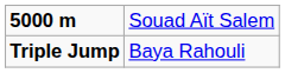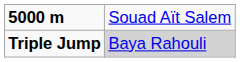 <table class="wikitable">
 <tr>
 <td><strong>5000 m</strong></td>
 <td><a href='#'>Souad Aït Salem</a></td>
 </tr>
 <tr>
 <td><strong>Triple Jump</strong></td>
-<td><a href='#'>Baya Rahouli</a></td>
+<td style="background: lightgrey;"><a href='#'>Baya Rahouli</a></td>
 </tr>
 </table>
